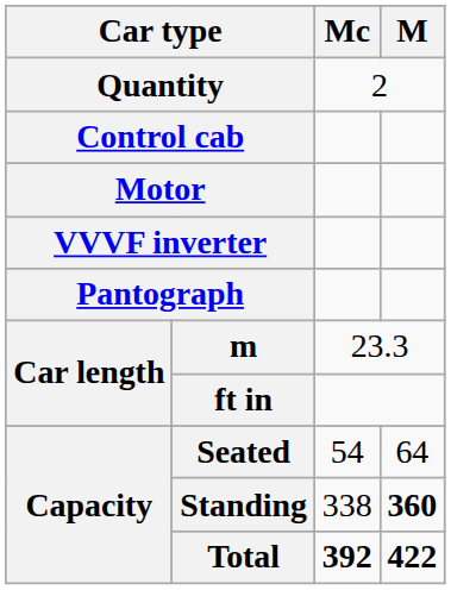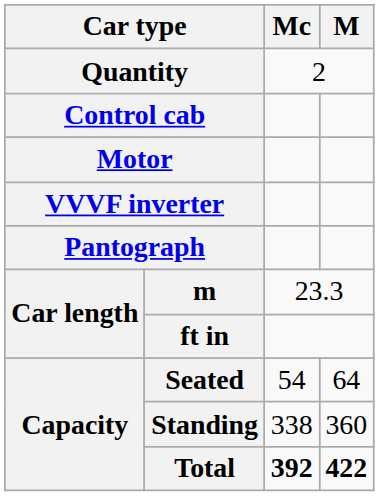 <table class="wikitable" style="text-align:center">
 <tr>
 <th colspan="2">Car type</th>
 <th>Mc</th>
 <th>M</th>
 </tr>
 <tr>
 <th colspan="2">Quantity</th>
 <td colspan="2">2</td>
 </tr>
 <tr>
 <th colspan="2"><a href='#'>Control cab</a></th>
 <td></td>
 <td></td>
 </tr>
 <tr>
 <th colspan="2"><a href='#'>Motor</a></th>
 <td></td>
 <td></td>
 </tr>
 <tr>
 <th colspan="2"><a href='#'>VVVF inverter</a></th>
 <td></td>
 <td></td>
 </tr>
 <tr>
 <th colspan="2"><a href='#'>Pantograph</a></th>
 <td></td>
 <td></td>
 </tr>
 <tr>
 <th rowspan="2">Car length</th>
 <th>m</th>
 <td colspan="2">23.3</td>
 </tr>
 <tr>
 <th>ft in</th>
 <td colspan="2"></td>
 </tr>
 <tr>
 <th rowspan="3 ">Capacity</th>
 <th>Seated</th>
 <td>54</td>
 <td>64</td>
 </tr>
 <tr>
 <th>Standing</th>
 <td>338</td>
-<td><strong>360<br></strong></td>
+<td>360<br></td>
 </tr>
 <tr>
 <th>Total</th>
 <td><strong>392</strong></td>
 <td><strong>422</strong></td>
 </tr>
 </table>
